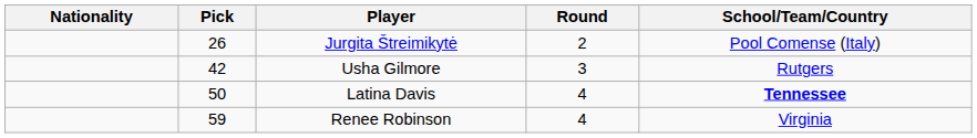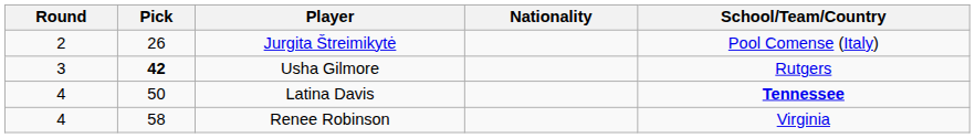 <table class="wikitable" style="text-align:center; width:60em">
 <tr>
-<th>Nationality</th>
+<th>Round</th>
 <th>Pick</th>
 <th>Player</th>
-<th>Round</th>
+<th>Nationality</th>
 <th>School/Team/Country</th>
 </tr>
 <tr>
-<td></td>
+<td>2</td>
 <td>26</td>
 <td><a href='#'>Jurgita Štreimikytė</a></td>
-<td>2</td>
+<td></td>
 <td><a href='#'>Pool Comense</a> (<a href='#'>Italy</a>)</td>
 </tr>
 <tr>
+<td>3</td>
+<td><strong>42</strong></td>
+<td>Usha Gilmore</td>
 <td></td>
-<td>42</td>
-<td>Usha Gilmore</td>
-<td>3</td>
 <td><a href='#'>Rutgers</a></td>
 </tr>
 <tr>
-<td></td>
+<td>4</td>
 <td>50</td>
 <td>Latina Davis</td>
-<td>4</td>
+<td></td>
 <td><strong><a href='#'>Tennessee</a></strong></td>
 </tr>
 <tr>
+<td>4</td>
+<td>58</td>
+<td>Renee Robinson</td>
 <td></td>
-<td>59</td>
-<td>Renee Robinson</td>
-<td>4</td>
 <td><a href='#'>Virginia</a></td>
 </tr>
 </table>
